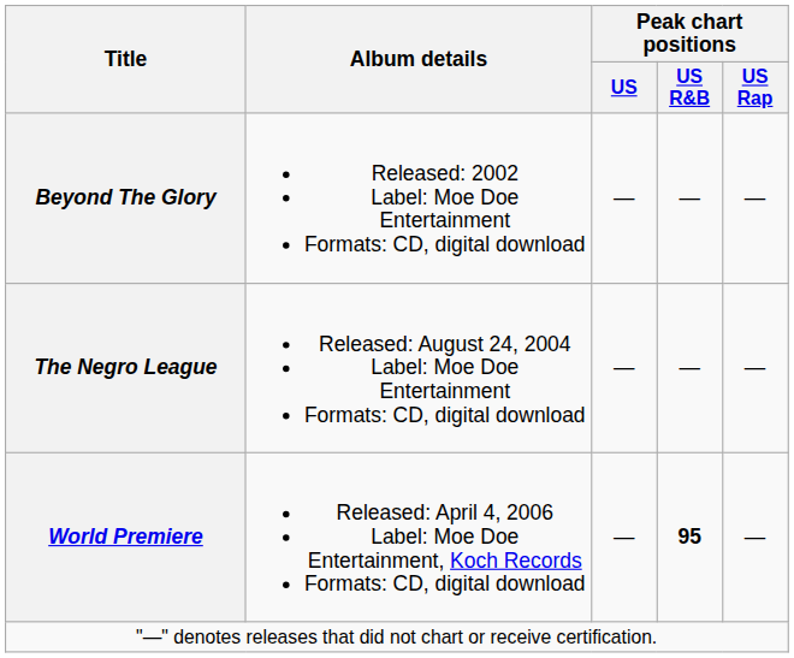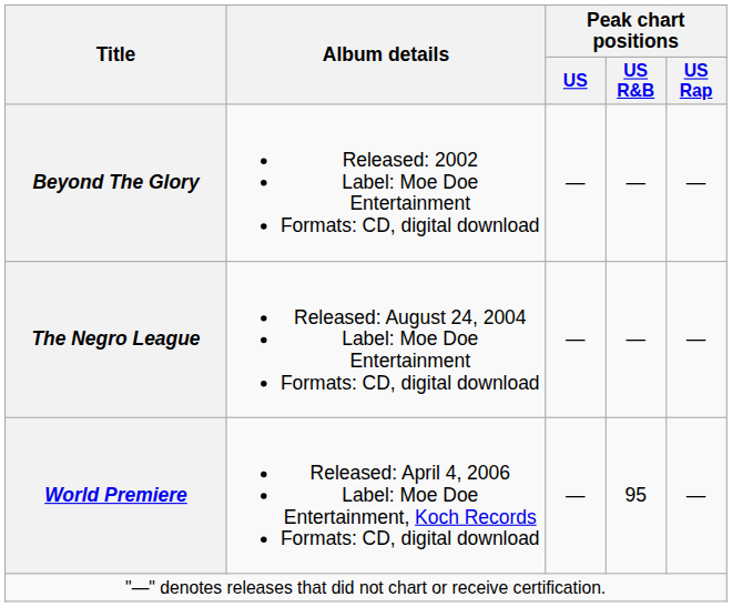 <table class="wikitable plainrowheaders" style="text-align:center;">
 <tr>
 <th scope="col" rowspan="2" style="width:11em;">Title</th>
 <th scope="col" rowspan="2" style="width:16em;">Album details</th>
 <th scope="col" colspan="3">Peak chart positions</th>
 </tr>
 <tr>
 <th scope="col" style="width:3em;font-size:90%;"><a href='#'>US</a></th>
 <th scope="col" style="width:3em;font-size:90%;"><a href='#'>US<br>R&B</a></th>
 <th scope="col" style="width:3em;font-size:90%;"><a href='#'>US<br>Rap</a></th>
 </tr>
 <tr>
 <th scope="row"><em>Beyond The Glory</em> </th>
 <td><br><ul><li>Released: 2002</li><li>Label: Moe Doe Entertainment</li><li>Formats: CD, digital download</li></ul></td>
 <td>—</td>
 <td>—</td>
 <td>—</td>
 </tr>
 <tr>
 <th scope="row"><em>The Negro League</em> </th>
 <td><br><ul><li>Released: August 24, 2004</li><li>Label: Moe Doe Entertainment</li><li>Formats: CD, digital download</li></ul></td>
 <td>—</td>
 <td>—</td>
 <td>—</td>
 </tr>
 <tr>
 <th scope="row"><em><a href='#'>World Premiere</a></em> </th>
 <td><br><ul><li>Released: April 4, 2006</li><li>Label: Moe Doe Entertainment, <a href='#'>Koch Records</a></li><li>Formats: CD, digital download</li></ul></td>
 <td>—</td>
-<td><strong>95</strong></td>
+<td>95</td>
 <td>—</td>
 </tr>
 <tr>
 <td colspan="14" style="font-size:90%">"—" denotes releases that did not chart or receive certification.</td>
 </tr>
 </table>
